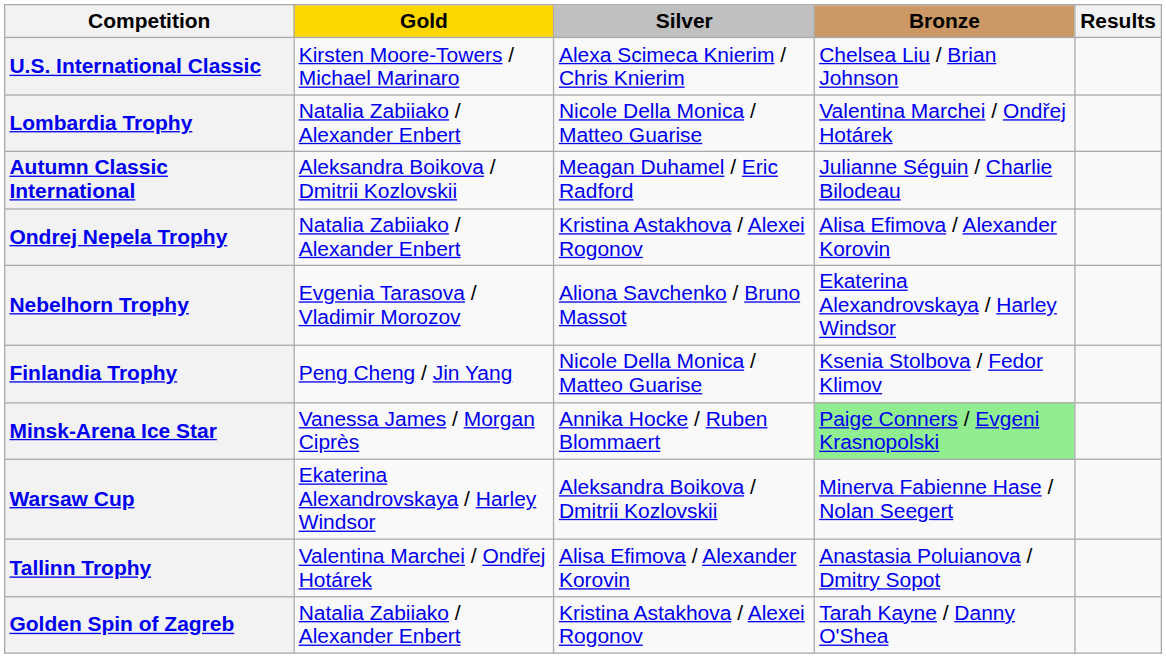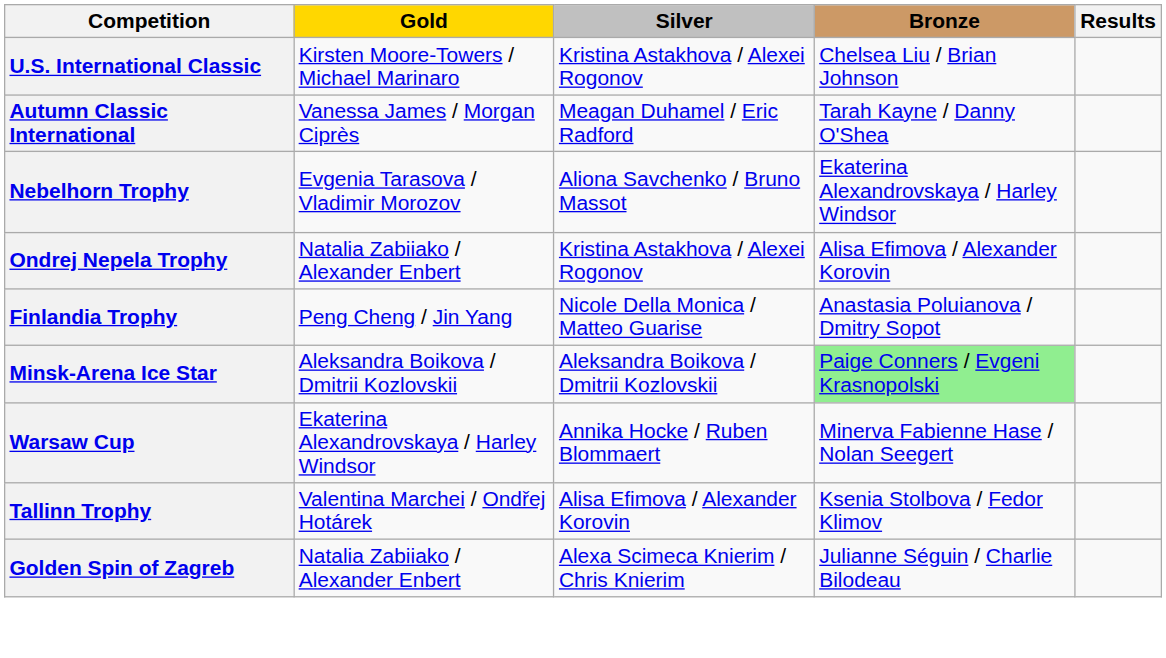 <table class="wikitable unsortable" style="text-align:left; width:100%;">
 <tr>
 <th scope="col" style="text-align:center; width:25%;">Competition</th>
 <td scope="col" style="text-align:center; width:22.5%; background:gold"><strong>Gold</strong></td>
 <td scope="col" style="text-align:center; width:22.5%; background:silver"><strong>Silver</strong></td>
 <td scope="col" style="text-align:center; width:22.5%; background:#c96"><strong>Bronze</strong></td>
 <th scope="col" style="text-align:center; width:7.5%;">Results</th>
 </tr>
 <tr>
 <th scope="row" style="text-align:left"> <a href='#'>U.S. International Classic</a></th>
 <td> <a href='#'>Kirsten Moore-Towers</a> / <a href='#'>Michael Marinaro</a></td>
-<td> <a href='#'>Alexa Scimeca Knierim</a> / <a href='#'>Chris Knierim</a></td>
+<td> <a href='#'>Kristina Astakhova</a> / <a href='#'>Alexei Rogonov</a></td>
 <td> <a href='#'>Chelsea Liu</a> / <a href='#'>Brian Johnson</a></td>
 <td></td>
 </tr>
 <tr>
-<th scope="row" style="text-align:left"> <a href='#'>Lombardia Trophy</a></th>
-<td> <a href='#'>Natalia Zabiiako</a> / <a href='#'>Alexander Enbert</a></td>
-<td> <a href='#'>Nicole Della Monica</a> / <a href='#'>Matteo Guarise</a></td>
-<td> <a href='#'>Valentina Marchei</a> / <a href='#'>Ondřej Hotárek</a></td>
+<th scope="row" style="text-align:left"> <a href='#'>Autumn Classic International</a></th>
+<td> <a href='#'>Vanessa James</a> / <a href='#'>Morgan Ciprès</a></td>
+<td> <a href='#'>Meagan Duhamel</a> / <a href='#'>Eric Radford</a></td>
+<td> <a href='#'>Tarah Kayne</a> / <a href='#'>Danny O'Shea</a></td>
 <td></td>
 </tr>
 <tr>
-<th scope="row" style="text-align:left"> <a href='#'>Autumn Classic International</a></th>
-<td> <a href='#'>Aleksandra Boikova</a> / <a href='#'>Dmitrii Kozlovskii</a></td>
-<td> <a href='#'>Meagan Duhamel</a> / <a href='#'>Eric Radford</a></td>
-<td> <a href='#'>Julianne Séguin</a> / <a href='#'>Charlie Bilodeau</a></td>
+<th scope="row" style="text-align:left"> <a href='#'>Nebelhorn Trophy</a></th>
+<td> <a href='#'>Evgenia Tarasova</a> / <a href='#'>Vladimir Morozov</a></td>
+<td> <a href='#'>Aliona Savchenko</a> / <a href='#'>Bruno Massot</a></td>
+<td> <a href='#'>Ekaterina Alexandrovskaya</a> / <a href='#'>Harley Windsor</a></td>
 <td></td>
 </tr>
 <tr>
 <th scope="row" style="text-align:left"> <a href='#'>Ondrej Nepela Trophy</a></th>
 <td> <a href='#'>Natalia Zabiiako</a> / <a href='#'>Alexander Enbert</a></td>
 <td> <a href='#'>Kristina Astakhova</a> / <a href='#'>Alexei Rogonov</a></td>
 <td> <a href='#'>Alisa Efimova</a> / <a href='#'>Alexander Korovin</a></td>
 <td></td>
 </tr>
 <tr>
-<th scope="row" style="text-align:left"> <a href='#'>Nebelhorn Trophy</a></th>
-<td> <a href='#'>Evgenia Tarasova</a> / <a href='#'>Vladimir Morozov</a></td>
-<td> <a href='#'>Aliona Savchenko</a> / <a href='#'>Bruno Massot</a></td>
-<td> <a href='#'>Ekaterina Alexandrovskaya</a> / <a href='#'>Harley Windsor</a></td>
-<td></td>
-</tr>
-<tr>
 <th scope="row" style="text-align:left"> <a href='#'>Finlandia Trophy</a></th>
 <td> <a href='#'>Peng Cheng</a> / <a href='#'>Jin Yang</a></td>
 <td> <a href='#'>Nicole Della Monica</a> / <a href='#'>Matteo Guarise</a></td>
-<td> <a href='#'>Ksenia Stolbova</a> / <a href='#'>Fedor Klimov</a></td>
+<td> <a href='#'>Anastasia Poluianova</a> / <a href='#'>Dmitry Sopot</a></td>
 <td></td>
 </tr>
 <tr>
 <th scope="row" style="text-align:left"> <a href='#'>Minsk-Arena Ice Star</a></th>
-<td> <a href='#'>Vanessa James</a> / <a href='#'>Morgan Ciprès</a></td>
-<td> <a href='#'>Annika Hocke</a> / <a href='#'>Ruben Blommaert</a></td>
+<td> <a href='#'>Aleksandra Boikova</a> / <a href='#'>Dmitrii Kozlovskii</a></td>
+<td> <a href='#'>Aleksandra Boikova</a> / <a href='#'>Dmitrii Kozlovskii</a></td>
 <td style="background: lightgreen;"> <a href='#'>Paige Conners</a> / <a href='#'>Evgeni Krasnopolski</a></td>
 <td></td>
 </tr>
 <tr>
 <th scope="row" style="text-align:left"> <a href='#'>Warsaw Cup</a></th>
 <td> <a href='#'>Ekaterina Alexandrovskaya</a> / <a href='#'>Harley Windsor</a></td>
-<td> <a href='#'>Aleksandra Boikova</a> / <a href='#'>Dmitrii Kozlovskii</a></td>
+<td> <a href='#'>Annika Hocke</a> / <a href='#'>Ruben Blommaert</a></td>
 <td> <a href='#'>Minerva Fabienne Hase</a> / <a href='#'>Nolan Seegert</a></td>
 <td></td>
 </tr>
 <tr>
 <th scope="row" style="text-align:left"> <a href='#'>Tallinn Trophy</a></th>
 <td> <a href='#'>Valentina Marchei</a> / <a href='#'>Ondřej Hotárek</a></td>
 <td> <a href='#'>Alisa Efimova</a> / <a href='#'>Alexander Korovin</a></td>
-<td> <a href='#'>Anastasia Poluianova</a> / <a href='#'>Dmitry Sopot</a></td>
+<td> <a href='#'>Ksenia Stolbova</a> / <a href='#'>Fedor Klimov</a></td>
 <td></td>
 </tr>
 <tr>
 <th scope="row" style="text-align:left"> <a href='#'>Golden Spin of Zagreb</a></th>
 <td> <a href='#'>Natalia Zabiiako</a> / <a href='#'>Alexander Enbert</a></td>
-<td> <a href='#'>Kristina Astakhova</a> / <a href='#'>Alexei Rogonov</a></td>
-<td> <a href='#'>Tarah Kayne</a> / <a href='#'>Danny O'Shea</a></td>
+<td> <a href='#'>Alexa Scimeca Knierim</a> / <a href='#'>Chris Knierim</a></td>
+<td> <a href='#'>Julianne Séguin</a> / <a href='#'>Charlie Bilodeau</a></td>
 <td></td>
 </tr>
 </table>
